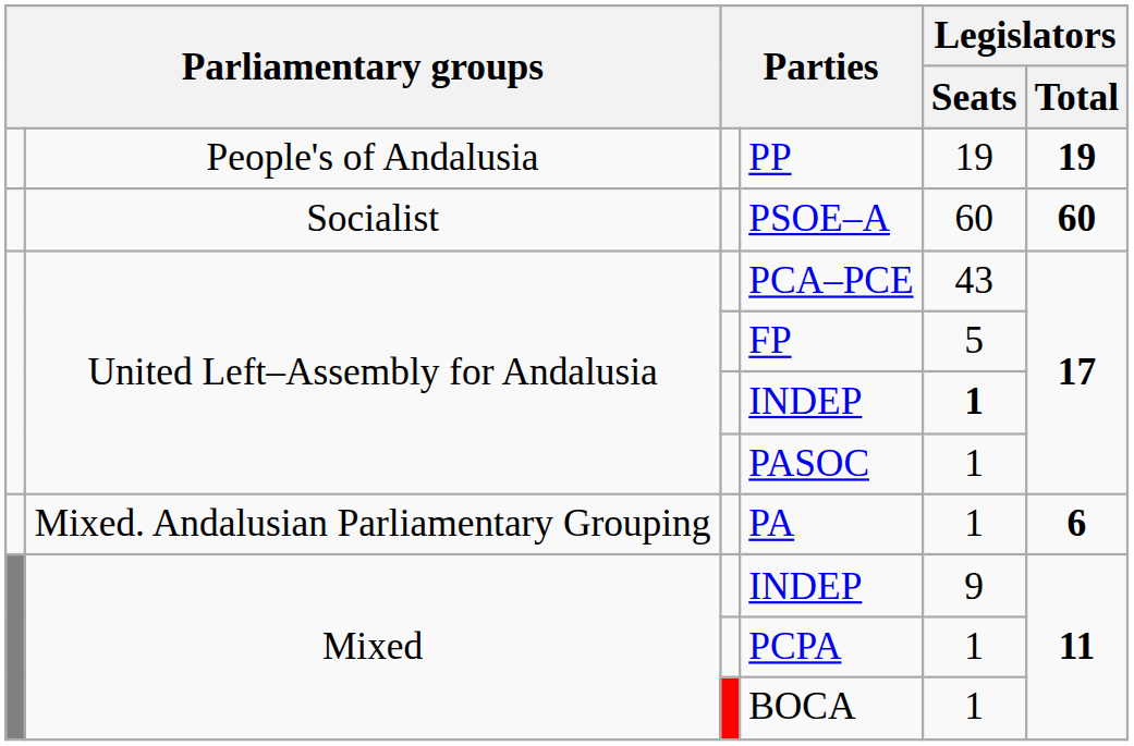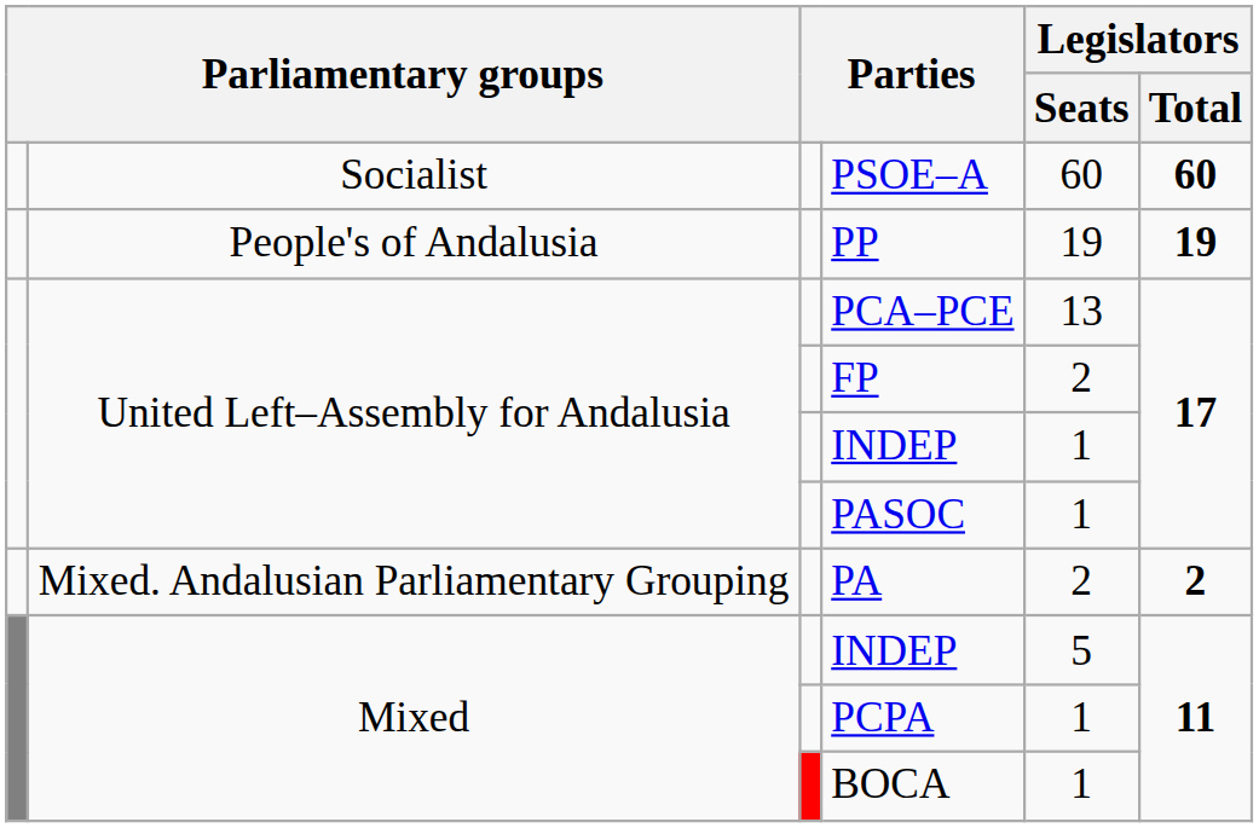 <table class="wikitable" style="text-align:center;">
 <tr>
 <th rowspan="2" colspan="2">Parliamentary groups</th>
 <th rowspan="2" colspan="2">Parties</th>
 <th colspan="2">Legislators</th>
 </tr>
 <tr>
 <th>Seats</th>
 <th>Total</th>
 </tr>
 <tr>
+<td width="1" style="color:inherit;background:"></td>
+<td>Socialist</td>
+<td width="1" style="color:inherit;background:"></td>
+<td align="left"><a href='#'>PSOE–A</a></td>
+<td>60</td>
+<td><strong>60</strong></td>
+</tr>
+<tr>
 <td style="color:inherit;background:"></td>
 <td>People's of Andalusia</td>
 <td style="color:inherit;background:"></td>
 <td align="left"><a href='#'>PP</a></td>
 <td>19</td>
 <td><strong>19</strong></td>
 </tr>
 <tr>
-<td width="1" style="color:inherit;background:"></td>
-<td>Socialist</td>
-<td width="1" style="color:inherit;background:"></td>
-<td align="left"><a href='#'>PSOE–A</a></td>
-<td>60</td>
-<td><strong>60</strong></td>
-</tr>
-<tr>
 <td rowspan="4" style="color:inherit;background:"></td>
 <td rowspan="4">United Left–Assembly for Andalusia</td>
 <td style="color:inherit;background:"></td>
 <td align="left"><a href='#'>PCA–PCE</a></td>
-<td>43</td>
+<td>13</td>
 <td rowspan="4"><strong>17</strong></td>
 </tr>
 <tr>
 <td style="color:inherit;background:"></td>
 <td align="left"><a href='#'>FP</a></td>
-<td>5</td>
+<td>2</td>
 </tr>
 <tr>
 <td style="color:inherit;background:"></td>
 <td align="left"><a href='#'>INDEP</a></td>
-<td><strong>1</strong></td>
+<td>1</td>
 </tr>
 <tr>
 <td style="color:inherit;background:"></td>
 <td align="left"><a href='#'>PASOC</a></td>
 <td>1</td>
 </tr>
 <tr>
 <td style="color:inherit;background:"></td>
 <td>Mixed. Andalusian Parliamentary Grouping</td>
 <td style="color:inherit;background:"></td>
 <td align="left"><a href='#'>PA</a></td>
-<td>1</td>
-<td><strong>6</strong></td>
+<td>2</td>
+<td><strong>2</strong></td>
 </tr>
 <tr>
 <td rowspan="3" bgcolor="gray"></td>
 <td rowspan="3">Mixed</td>
 <td style="color:inherit;background:"></td>
 <td align="left"><a href='#'>INDEP</a></td>
-<td>9</td>
+<td>5</td>
 <td rowspan="3"><strong>11</strong></td>
 </tr>
 <tr>
 <td style="color:inherit;background:"></td>
 <td align="left"><a href='#'>PCPA</a></td>
 <td>1</td>
 </tr>
 <tr>
 <td bgcolor="red"></td>
 <td align="left">BOCA</td>
 <td>1</td>
 </tr>
 </table>
